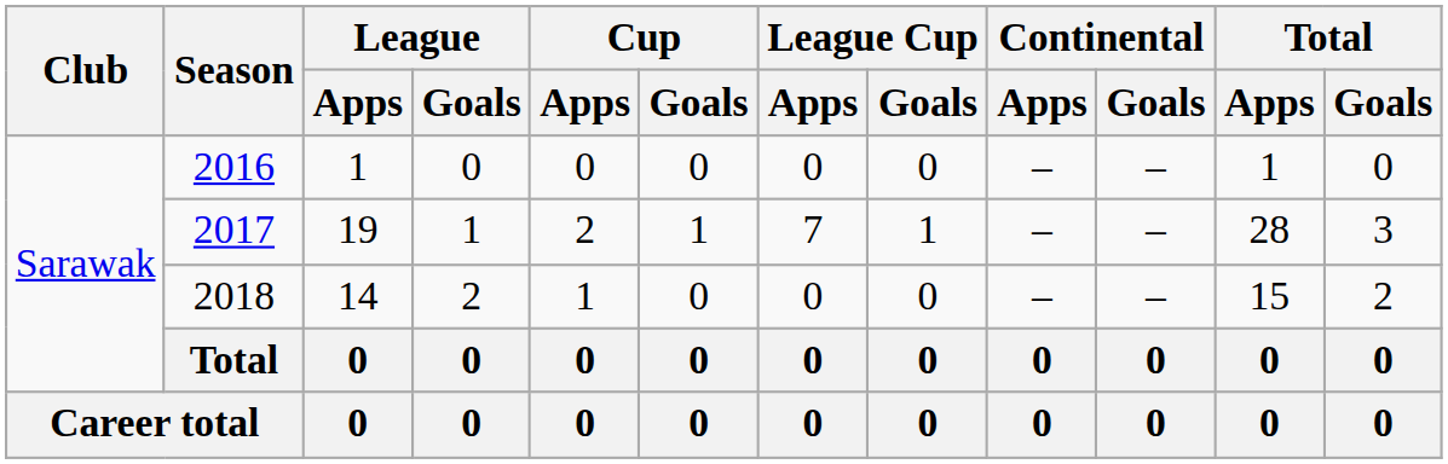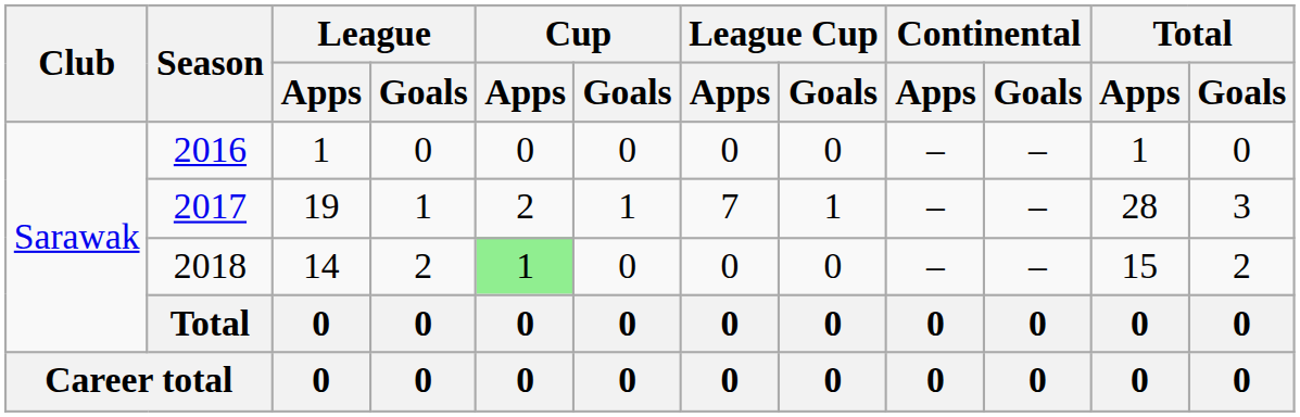 <table class="wikitable" style="text-align: center;">
 <tr>
 <th rowspan="2">Club</th>
 <th rowspan="2">Season</th>
 <th colspan="2">League</th>
 <th colspan="2">Cup</th>
 <th colspan="2">League Cup</th>
 <th colspan="2">Continental</th>
 <th colspan="2">Total</th>
 </tr>
 <tr>
 <th>Apps</th>
 <th>Goals</th>
 <th>Apps</th>
 <th>Goals</th>
 <th>Apps</th>
 <th>Goals</th>
 <th>Apps</th>
 <th>Goals</th>
 <th>Apps</th>
 <th>Goals</th>
 </tr>
 <tr>
 <td rowspan="4" valign="center"><a href='#'>Sarawak</a></td>
 <td><a href='#'>2016</a></td>
 <td>1</td>
 <td>0</td>
 <td>0</td>
 <td>0</td>
 <td>0</td>
 <td>0</td>
 <td>–</td>
 <td>–</td>
 <td>1</td>
 <td>0</td>
 </tr>
 <tr>
 <td><a href='#'>2017</a></td>
 <td>19</td>
 <td>1</td>
 <td>2</td>
 <td>1</td>
 <td>7</td>
 <td>1</td>
 <td>–</td>
 <td>–</td>
 <td>28</td>
 <td>3</td>
 </tr>
 <tr>
 <td>2018</td>
 <td>14</td>
 <td>2</td>
-<td>1</td>
+<td style="background: lightgreen;">1</td>
 <td>0</td>
 <td>0</td>
 <td>0</td>
 <td>–</td>
 <td>–</td>
 <td>15</td>
 <td>2</td>
 </tr>
 <tr>
 <th>Total</th>
 <th>0</th>
 <th>0</th>
 <th>0</th>
 <th>0</th>
 <th>0</th>
 <th>0</th>
 <th>0</th>
 <th>0</th>
 <th>0</th>
 <th>0</th>
 </tr>
 <tr>
 <th colspan=2>Career total</th>
 <th>0</th>
 <th>0</th>
 <th>0</th>
 <th>0</th>
 <th>0</th>
 <th>0</th>
 <th>0</th>
 <th>0</th>
 <th>0</th>
 <th>0</th>
 </tr>
 </table>
